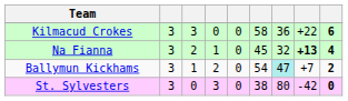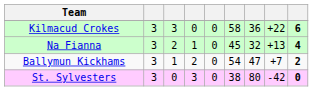 <table class="wikitable" style="text-align:center">
 <tr>
 <th style="width:175px;">Team</th>
 <th width="20"></th>
 <th width="20"></th>
 <th width="20"></th>
 <th width="20"></th>
 <th width="20"></th>
 <th width="20"></th>
 <th width="20"></th>
 <th width="20"></th>
 </tr>
 <tr style="background:#cfc;">
 </tr>
 <tr style="background:#cfc">
 <td><a href='#'>Kilmacud Crokes</a></td>
 <td>3</td>
 <td>3</td>
 <td>0</td>
 <td>0</td>
 <td>58</td>
 <td>36</td>
 <td>+22</td>
 <td><strong>6</strong></td>
 </tr>
 <tr style="background:#cfc;">
 <td><a href='#'>Na Fianna</a></td>
 <td>3</td>
 <td>2</td>
 <td>1</td>
 <td>0</td>
 <td>45</td>
 <td>32</td>
-<td><strong>+13</strong></td>
+<td>+13</td>
 <td><strong>4</strong></td>
 </tr>
 <tr>
 <td><a href='#'>Ballymun Kickhams</a></td>
 <td>3</td>
 <td>1</td>
 <td>2</td>
 <td>0</td>
 <td>54</td>
-<td style="background: paleturquoise;">47</td>
+<td>47</td>
 <td>+7</td>
 <td><strong>2</strong></td>
 </tr>
 <tr style="background:#fcf;">
 <td><a href='#'>St. Sylvesters</a></td>
 <td>3</td>
 <td>0</td>
 <td>3</td>
 <td>0</td>
 <td>38</td>
 <td>80</td>
 <td>-42</td>
 <td><strong>0</strong></td>
 </tr>
 </table>
